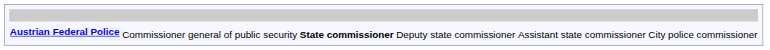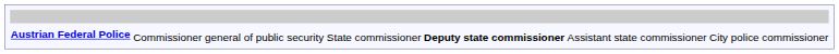 <table style="border:1px solid #8888aa; background-color:#f7f8ff; padding:5px; font-size:95%; margin: 0px 12px 12px 0px;">
 <tr style="background-color:#CCCCCC;">
 <th colspan=6> </th>
 </tr>
 <tr style="text-align:center;">
 <td rowspan=3> <strong><a href='#'>Austrian Federal Police</a></strong></td>
 <td></td>
 <td></td>
 <td></td>
 <td></td>
 <td></td>
 </tr>
 <tr style="text-align:center;">
 <td></td>
 <td></td>
 <td></td>
 <td></td>
 <td></td>
 </tr>
 <tr style="text-align:center;">
 <td>Commissioner general of public security</td>
-<td><strong>State commissioner</strong></td>
-<td>Deputy state commissioner</td>
+<td>State commissioner</td>
+<td><strong>Deputy state commissioner</strong></td>
 <td>Assistant state commissioner</td>
 <td>City police commissioner</td>
 </tr>
 </table>
